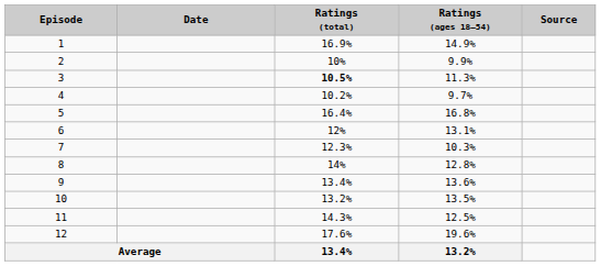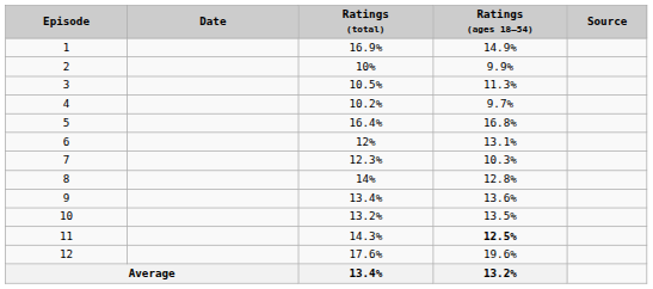 <table class="wikitable" style="text-align:center; background:#f9f9f9; line-height:16px;" width="60%">
 <tr>
 <th style="background:#ccc; color:#yyy;" width="10%">Episode</th>
 <th style="background:#ccc; color:#yyy;" width="14%">Date</th>
 <th style="background:#ccc; color:#yyy;" width="11%">Ratings<br><small>(total)</small></th>
 <th style="background:#ccc; color:#yyy;" width="11%">Ratings<br><small>(ages 18–54)</small></th>
 <th style="background:#ccc; color:#yyy;" width="6%">Source</th>
 </tr>
 <tr>
 <td>1</td>
 <td></td>
 <td>16.9%</td>
 <td>14.9%</td>
 <td></td>
 </tr>
 <tr>
 <td>2</td>
 <td></td>
 <td>10%</td>
 <td>9.9%</td>
 <td></td>
 </tr>
 <tr>
 <td>3</td>
 <td></td>
-<td><strong>10.5%</strong></td>
+<td>10.5%</td>
 <td>11.3%</td>
 <td></td>
 </tr>
 <tr>
 <td>4</td>
 <td></td>
 <td>10.2%</td>
 <td>9.7%</td>
 <td></td>
 </tr>
 <tr>
 <td>5</td>
 <td></td>
 <td>16.4%</td>
 <td>16.8%</td>
 <td></td>
 </tr>
 <tr>
 <td>6</td>
 <td></td>
 <td>12%</td>
 <td>13.1%</td>
 <td></td>
 </tr>
 <tr>
 <td>7</td>
 <td></td>
 <td>12.3%</td>
 <td>10.3%</td>
 <td></td>
 </tr>
 <tr>
 <td>8</td>
 <td></td>
 <td>14%</td>
 <td>12.8%</td>
 <td></td>
 </tr>
 <tr>
 <td>9</td>
 <td></td>
 <td>13.4%</td>
 <td>13.6%</td>
 <td></td>
 </tr>
 <tr>
 <td>10</td>
 <td></td>
 <td>13.2%</td>
 <td>13.5%</td>
 <td></td>
 </tr>
 <tr>
 <td>11</td>
 <td></td>
 <td>14.3%</td>
-<td>12.5%</td>
+<td><strong>12.5%</strong></td>
 <td></td>
 </tr>
 <tr>
 <td>12</td>
 <td></td>
 <td>17.6%</td>
 <td>19.6%</td>
 <td></td>
 </tr>
 <tr>
 <th colspan="2">Average</th>
 <th>13.4%</th>
 <th>13.2%</th>
 <td></td>
 </tr>
 </table>
